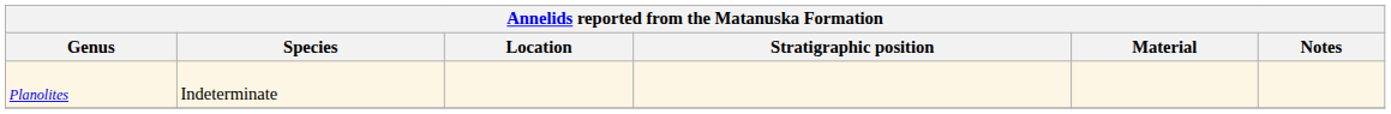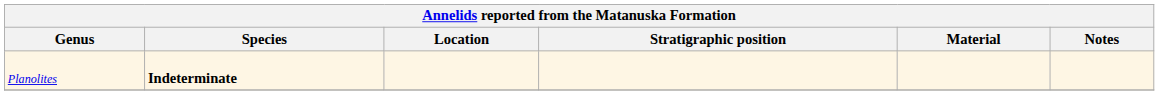 <table class="wikitable" align="center" width="100%">
 <tr>
 <th colspan="7" align="center"><strong><a href='#'>Annelids</a> reported from the Matanuska Formation</strong></th>
 </tr>
 <tr>
 <th>Genus</th>
 <th>Species</th>
 <th>Location</th>
 <th>Stratigraphic position</th>
 <th>Material</th>
 <th>Notes<br></th>
 </tr>
 <tr>
 <td style="background:#FEF6E4;"><br><small><em><a href='#'>Planolites</a></em></small></td>
-<td style="background:#FEF6E4;"><br>Indeterminate</td>
+<td style="background:#FEF6E4;"><strong><br>Indeterminate</strong></td>
 <td style="background:#FEF6E4;"></td>
 <td style="background:#FEF6E4;"></td>
 <td style="background:#FEF6E4;"></td>
 <td style="background:#FEF6E4;"><br></td>
 </tr>
 <tr>
 </tr>
 </table>
